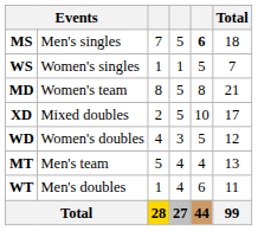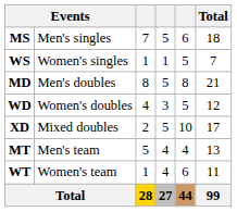 <table class="wikitable sortable" style="text-align:center; font-size:95%; background:white">
 <tr>
 <th colspan="2">Events</th>
 <th></th>
 <th></th>
 <th></th>
 <th>Total</th>
 </tr>
 <tr>
 <td><strong>MS</strong></td>
 <td align="left">Men's singles</td>
 <td>7</td>
 <td>5</td>
-<td><strong>6</strong></td>
+<td>6</td>
 <td>18</td>
 </tr>
 <tr>
 <td><strong>WS</strong></td>
 <td align="left">Women's singles</td>
 <td>1</td>
 <td>1</td>
 <td>5</td>
 <td>7</td>
 </tr>
 <tr>
 <td><strong>MD</strong></td>
-<td align="left">Women's team</td>
+<td align="left">Men's doubles</td>
 <td>8</td>
 <td>5</td>
 <td>8</td>
 <td>21</td>
+</tr>
+<tr>
+<td><strong>WD</strong></td>
+<td align="left">Women's doubles</td>
+<td>4</td>
+<td>3</td>
+<td>5</td>
+<td>12</td>
 </tr>
 <tr>
 <td><strong>XD</strong></td>
 <td align="left">Mixed doubles</td>
 <td>2</td>
 <td>5</td>
 <td>10</td>
 <td>17</td>
-</tr>
-<tr>
-<td><strong>WD</strong></td>
-<td align="left">Women's doubles</td>
-<td>4</td>
-<td>3</td>
-<td>5</td>
-<td>12</td>
 </tr>
 <tr>
 <td><strong>MT</strong></td>
 <td align="left">Men's team</td>
 <td>5</td>
 <td>4</td>
 <td>4</td>
 <td>13</td>
 </tr>
 <tr>
 <td><strong>WT</strong></td>
-<td align="left">Men's doubles</td>
+<td align="left">Women's team</td>
 <td>1</td>
 <td>4</td>
 <td>6</td>
 <td>11</td>
 </tr>
 <tr>
 <th colspan=2>Total</th>
 <th style="background:gold">28</th>
 <th style="background:silver">27</th>
 <th style="background:#CC9966">44</th>
 <th>99</th>
 </tr>
 </table>
